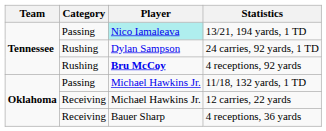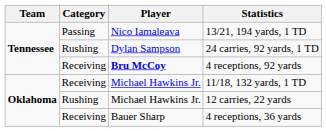 <table class="wikitable" style="float: right;">
 <tr>
 <th>Team</th>
 <th>Category</th>
 <th>Player</th>
 <th>Statistics</th>
 </tr>
 <tr>
 <td rowspan=3><strong>Tennessee </strong></td>
 <td>Passing</td>
-<td style="background: paleturquoise;"><a href='#'>Nico Iamaleava</a></td>
+<td><a href='#'>Nico Iamaleava</a></td>
 <td>13/21, 194 yards, 1 TD</td>
 </tr>
 <tr>
 <td>Rushing</td>
 <td><a href='#'>Dylan Sampson</a></td>
 <td>24 carries, 92 yards, 1 TD</td>
 </tr>
 <tr>
-<td>Rushing</td>
+<td>Receiving</td>
 <td><strong><a href='#'>Bru McCoy</a></strong></td>
 <td>4 receptions, 92 yards</td>
 </tr>
 <tr>
 <td rowspan=3><strong>Oklahoma</strong></td>
-<td>Passing</td>
+<td>Receiving</td>
 <td><a href='#'>Michael Hawkins Jr.</a></td>
 <td>11/18, 132 yards, 1 TD</td>
 </tr>
 <tr>
-<td>Receiving</td>
+<td>Rushing</td>
 <td>Michael Hawkins Jr.</td>
 <td>12 carries, 22 yards</td>
 </tr>
 <tr>
 <td>Receiving</td>
 <td>Bauer Sharp</td>
 <td>4 receptions, 36 yards</td>
 </tr>
 </table>
